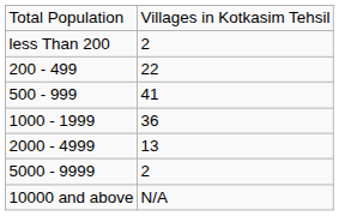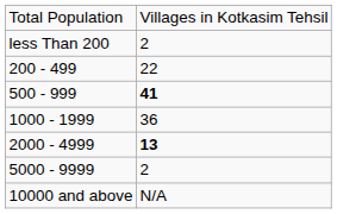 <table class="wikitable">
 <tr>
 <td>Total Population</td>
 <td>Villages in Kotkasim Tehsil</td>
 </tr>
 <tr>
 <td>less Than 200</td>
 <td>2</td>
 </tr>
 <tr>
 <td>200 - 499</td>
 <td>22</td>
 </tr>
 <tr>
 <td>500 - 999</td>
-<td>41</td>
+<td><strong>41</strong></td>
 </tr>
 <tr>
 <td>1000 - 1999</td>
 <td>36</td>
 </tr>
 <tr>
 <td>2000 - 4999</td>
-<td>13</td>
+<td><strong>13</strong></td>
 </tr>
 <tr>
 <td>5000 - 9999</td>
 <td>2</td>
 </tr>
 <tr>
 <td>10000 and above</td>
 <td>N/A</td>
 </tr>
 </table>
